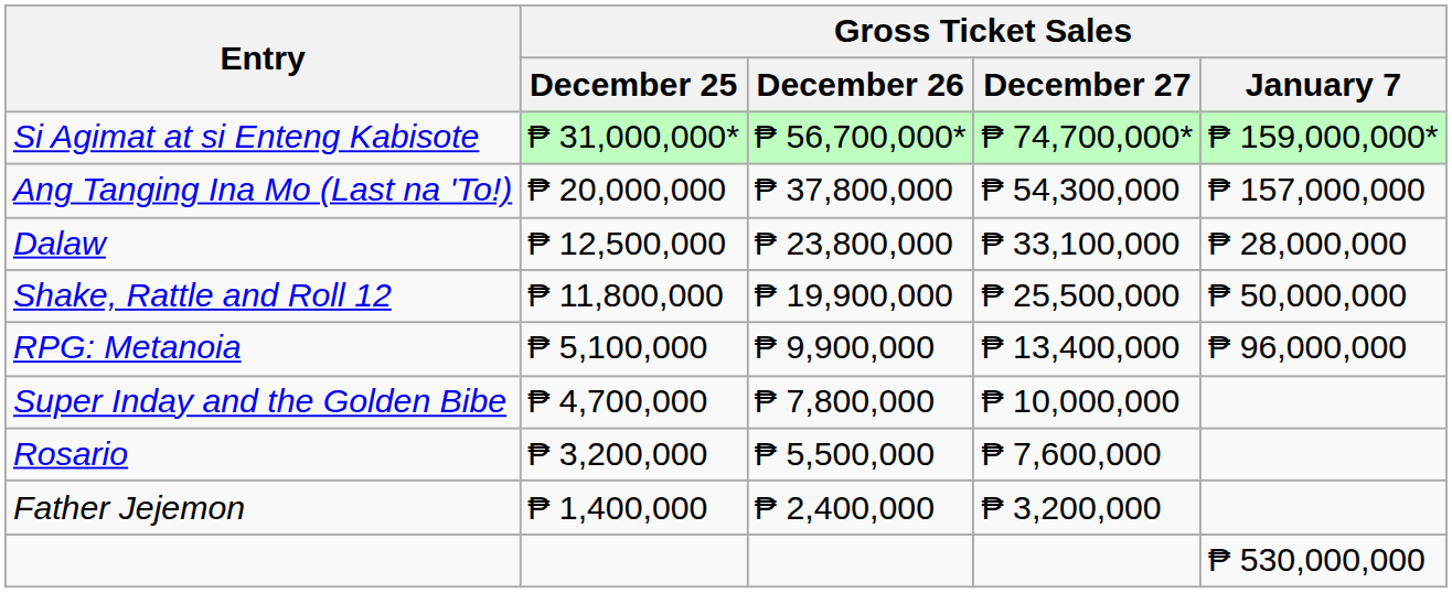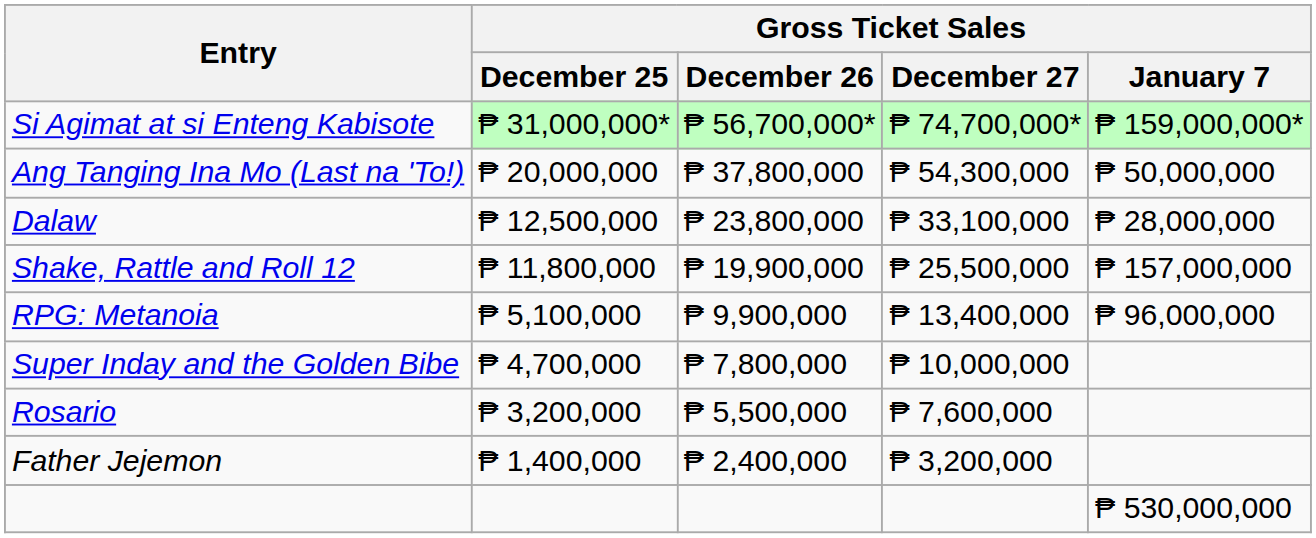 <table class="wikitable sortable" style="text align: center">
 <tr bgcolor="#efefef">
 <th rowspan=2>Entry</th>
 <th colspan=5>Gross Ticket Sales</th>
 </tr>
 <tr>
 <th>December 25</th>
 <th>December 26</th>
 <th>December 27</th>
 <th>January 7</th>
 </tr>
 <tr>
 <td><em><a href='#'>Si Agimat at si Enteng Kabisote</a></em></td>
 <td data-sort-value="1" style="background:#BFFFC0;">₱ 31,000,000*</td>
 <td data-sort-value="1" style="background:#BFFFC0;">₱ 56,700,000*</td>
 <td data-sort-value="1" style="background:#BFFFC0;">₱ 74,700,000*</td>
 <td data-sort-value="1" style="background:#BFFFC0;">₱ 159,000,000*</td>
 </tr>
 <tr>
 <td><em><a href='#'>Ang Tanging Ina Mo (Last na 'To!)</a></em></td>
 <td data-sort-value="2">₱ 20,000,000</td>
 <td data-sort-value="2">₱ 37,800,000</td>
 <td data-sort-value="2">₱ 54,300,000</td>
-<td data-sort-value="2">₱ 157,000,000</td>
+<td data-sort-value="4">₱ 50,000,000</td>
 </tr>
 <tr>
 <td><em><a href='#'>Dalaw</a></em></td>
 <td data-sort-value="3">₱ 12,500,000</td>
 <td data-sort-value="3">₱ 23,800,000</td>
 <td data-sort-value="3">₱ 33,100,000</td>
 <td data-sort-value="5">₱ 28,000,000</td>
 </tr>
 <tr>
 <td><em><a href='#'>Shake, Rattle and Roll 12</a></em></td>
 <td data-sort-value="4">₱ 11,800,000</td>
 <td data-sort-value="4">₱ 19,900,000</td>
 <td data-sort-value="4">₱ 25,500,000</td>
-<td data-sort-value="4">₱ 50,000,000</td>
+<td data-sort-value="2">₱ 157,000,000</td>
 </tr>
 <tr>
 <td><em><a href='#'>RPG: Metanoia</a></em></td>
 <td data-sort-value="5">₱ 5,100,000</td>
 <td data-sort-value="5">₱ 9,900,000</td>
 <td data-sort-value="5">₱ 13,400,000</td>
 <td data-sort-value="3">₱ 96,000,000</td>
 </tr>
 <tr>
 <td><em><a href='#'>Super Inday and the Golden Bibe</a></em></td>
 <td data-sort-value="6">₱ 4,700,000</td>
 <td data-sort-value="6">₱ 7,800,000</td>
 <td data-sort-value="6">₱ 10,000,000</td>
 <td data-sort-value="6"></td>
 </tr>
 <tr>
 <td><em><a href='#'>Rosario</a></em></td>
 <td data-sort-value="7">₱ 3,200,000</td>
 <td data-sort-value="7">₱ 5,500,000</td>
 <td data-sort-value="7">₱ 7,600,000</td>
 <td data-sort-value="7"></td>
 </tr>
 <tr>
 <td><em>Father Jejemon</em></td>
 <td data-sort-value="8">₱ 1,400,000</td>
 <td data-sort-value="8">₱ 2,400,000</td>
 <td data-sort-value="8">₱ 3,200,000</td>
 <td data-sort-value="8"></td>
 </tr>
 <tr>
 <td></td>
 <td></td>
 <td></td>
 <td><strong></strong></td>
 <td>₱ 530,000,000</td>
 </tr>
 </table>
